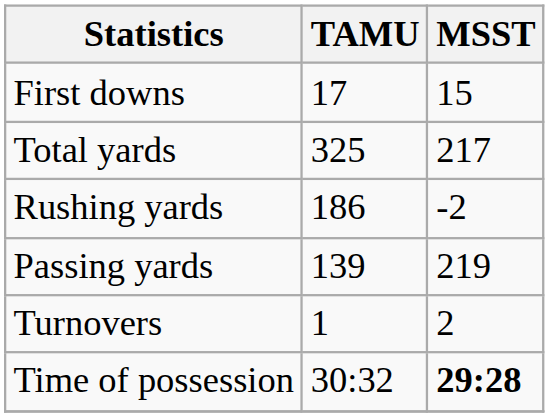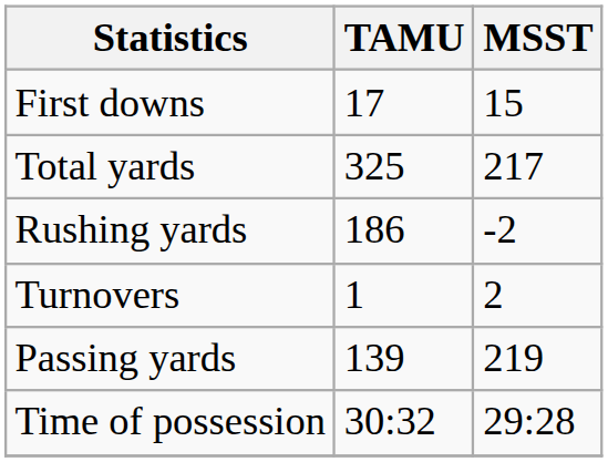 <table class="wikitable" style="float: left;">
 <tr>
 <th>Statistics</th>
 <th>TAMU</th>
 <th>MSST</th>
 </tr>
 <tr>
 <td>First downs</td>
 <td>17</td>
 <td>15</td>
 </tr>
 <tr>
 <td>Total yards</td>
 <td>325</td>
 <td>217</td>
 </tr>
 <tr>
 <td>Rushing yards</td>
 <td>186</td>
 <td>-2</td>
 </tr>
 <tr>
+<td>Turnovers</td>
+<td>1</td>
+<td>2</td>
+</tr>
+<tr>
 <td>Passing yards</td>
 <td>139</td>
 <td>219</td>
 </tr>
 <tr>
-<td>Turnovers</td>
-<td>1</td>
-<td>2</td>
-</tr>
-<tr>
 <td>Time of possession</td>
 <td>30:32</td>
-<td><strong>29:28</strong></td>
+<td>29:28</td>
 </tr>
 <tr>
 </tr>
 </table>
